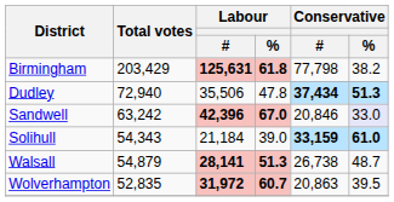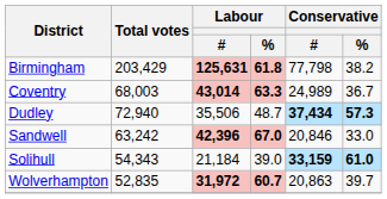 <table class="wikitable sortable">
 <tr>
 <th rowspan=3>District</th>
 <th rowspan=3>Total votes</th>
 <th colspan="2">Labour</th>
 <th colspan="2">Conservative</th>
 </tr>
 <tr>
 <th colspan="2" style="background:"></th>
 <th colspan="2" style="background:"></th>
 </tr>
 <tr>
 <th>#</th>
 <th>%</th>
 <th>#</th>
 <th>%</th>
 </tr>
 <tr>
 <td><a href='#'>Birmingham</a></td>
 <td>203,429</td>
 <td style="background:#F8C1BE;"><strong>125,631</strong></td>
 <td style="background:#F8C1BE;"><strong>61.8</strong></td>
 <td>77,798</td>
 <td>38.2</td>
 </tr>
 <tr>
+<td><a href='#'>Coventry</a></td>
+<td>68,003</td>
+<td style="background:#F8C1BE;"><strong>43,014</strong></td>
+<td style="background:#F8C1BE;"><strong>63.3</strong></td>
+<td>24,989</td>
+<td>36.7</td>
+</tr>
+<tr>
 <td><a href='#'>Dudley</a></td>
 <td>72,940</td>
 <td>35,506</td>
-<td>47.8</td>
+<td>48.7</td>
 <td style="background:#B9E4FF;"><strong>37,434</strong></td>
-<td style="background:#B9E4FF;"><strong>51.3</strong></td>
+<td style="background:#B9E4FF;"><strong>57.3</strong></td>
 </tr>
 <tr>
 <td><a href='#'>Sandwell</a></td>
 <td>63,242</td>
 <td style="background:#F8C1BE;"><strong>42,396</strong></td>
 <td style="background:#F8C1BE;"><strong>67.0</strong></td>
 <td>20,846</td>
-<td style="background: lavender;">33.0</td>
+<td>33.0</td>
 </tr>
 <tr>
 <td><a href='#'>Solihull</a></td>
 <td>54,343</td>
 <td>21,184</td>
 <td>39.0</td>
 <td style="background:#B9E4FF;"><strong>33,159</strong></td>
 <td style="background:#B9E4FF;"><strong>61.0</strong></td>
 </tr>
 <tr>
-<td><a href='#'>Walsall</a></td>
-<td>54,879</td>
-<td style="background:#F8C1BE;"><strong>28,141</strong></td>
-<td style="background:#F8C1BE;"><strong>51.3</strong></td>
-<td>26,738</td>
-<td>48.7</td>
-</tr>
-<tr>
 <td><a href='#'>Wolverhampton</a></td>
 <td>52,835</td>
 <td style="background:#F8C1BE;"><strong>31,972</strong></td>
 <td style="background:#F8C1BE;"><strong>60.7</strong></td>
 <td>20,863</td>
-<td>39.5</td>
+<td>39.7</td>
 </tr>
 <tr>
 </tr>
 </table>
